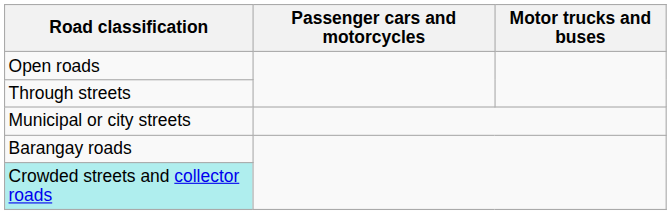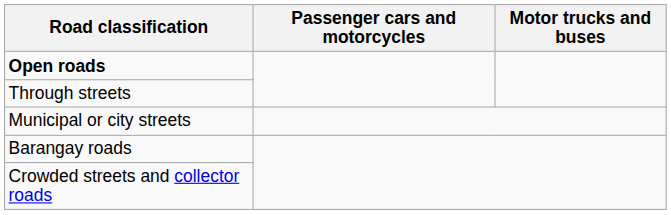 <table class="wikitable" style="text-align:center;">
 <tr>
 <th>Road classification</th>
 <th>Passenger cars and motorcycles</th>
 <th>Motor trucks and buses</th>
 </tr>
 <tr>
-<td style="text-align: left;">Open roads</td>
+<td style="text-align: left;"><strong>Open roads</strong></td>
 <td rowspan=2></td>
 <td rowspan=2></td>
 </tr>
 <tr>
 <td style="text-align: left;">Through streets</td>
 </tr>
 <tr>
 <td style="text-align: left;">Municipal or city streets</td>
 <td colspan=2></td>
 </tr>
 <tr>
 <td style="text-align: left;">Barangay roads</td>
 <td colspan=2 rowspan=2></td>
 </tr>
 <tr>
-<td style="background: paleturquoise; text-align: left;">Crowded streets and <a href='#'>collector roads</a></td>
+<td style="text-align: left;">Crowded streets and <a href='#'>collector roads</a></td>
 </tr>
 </table>
